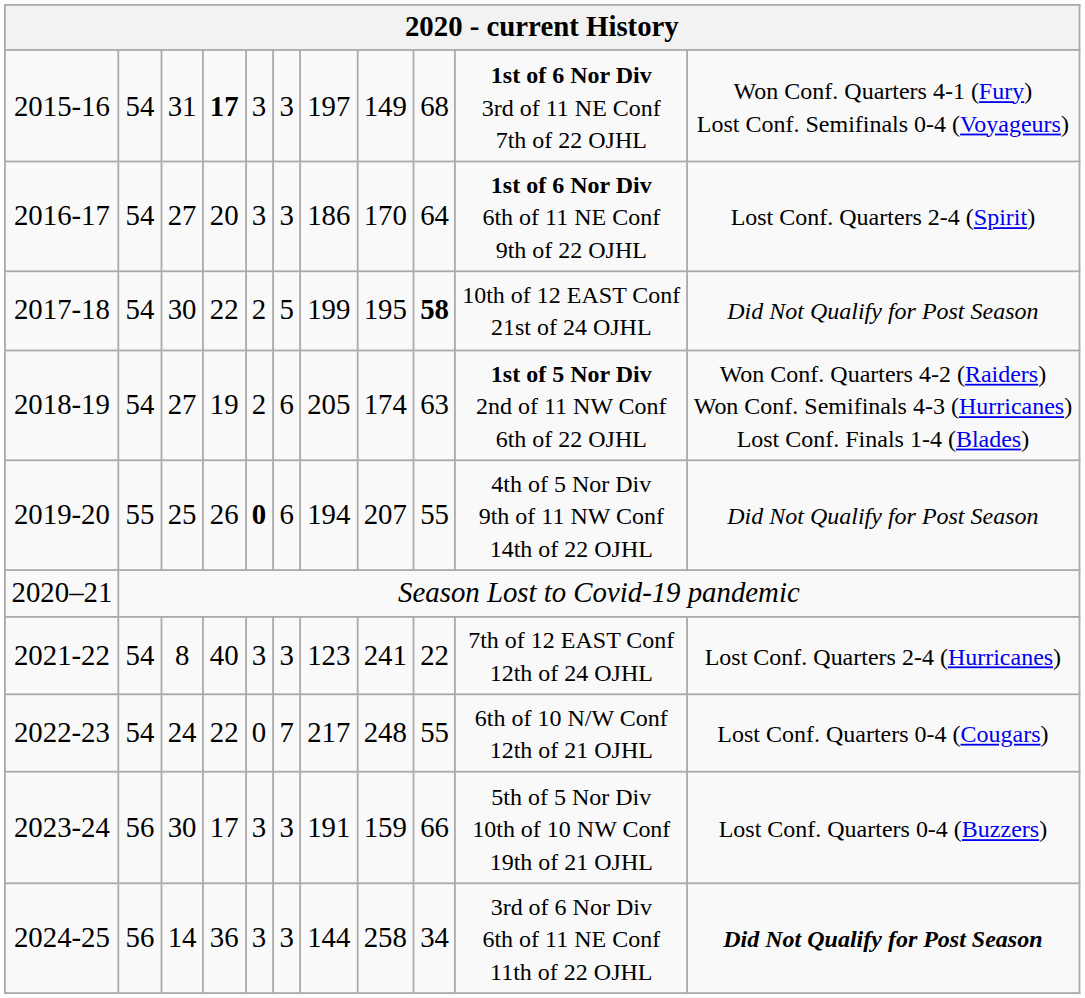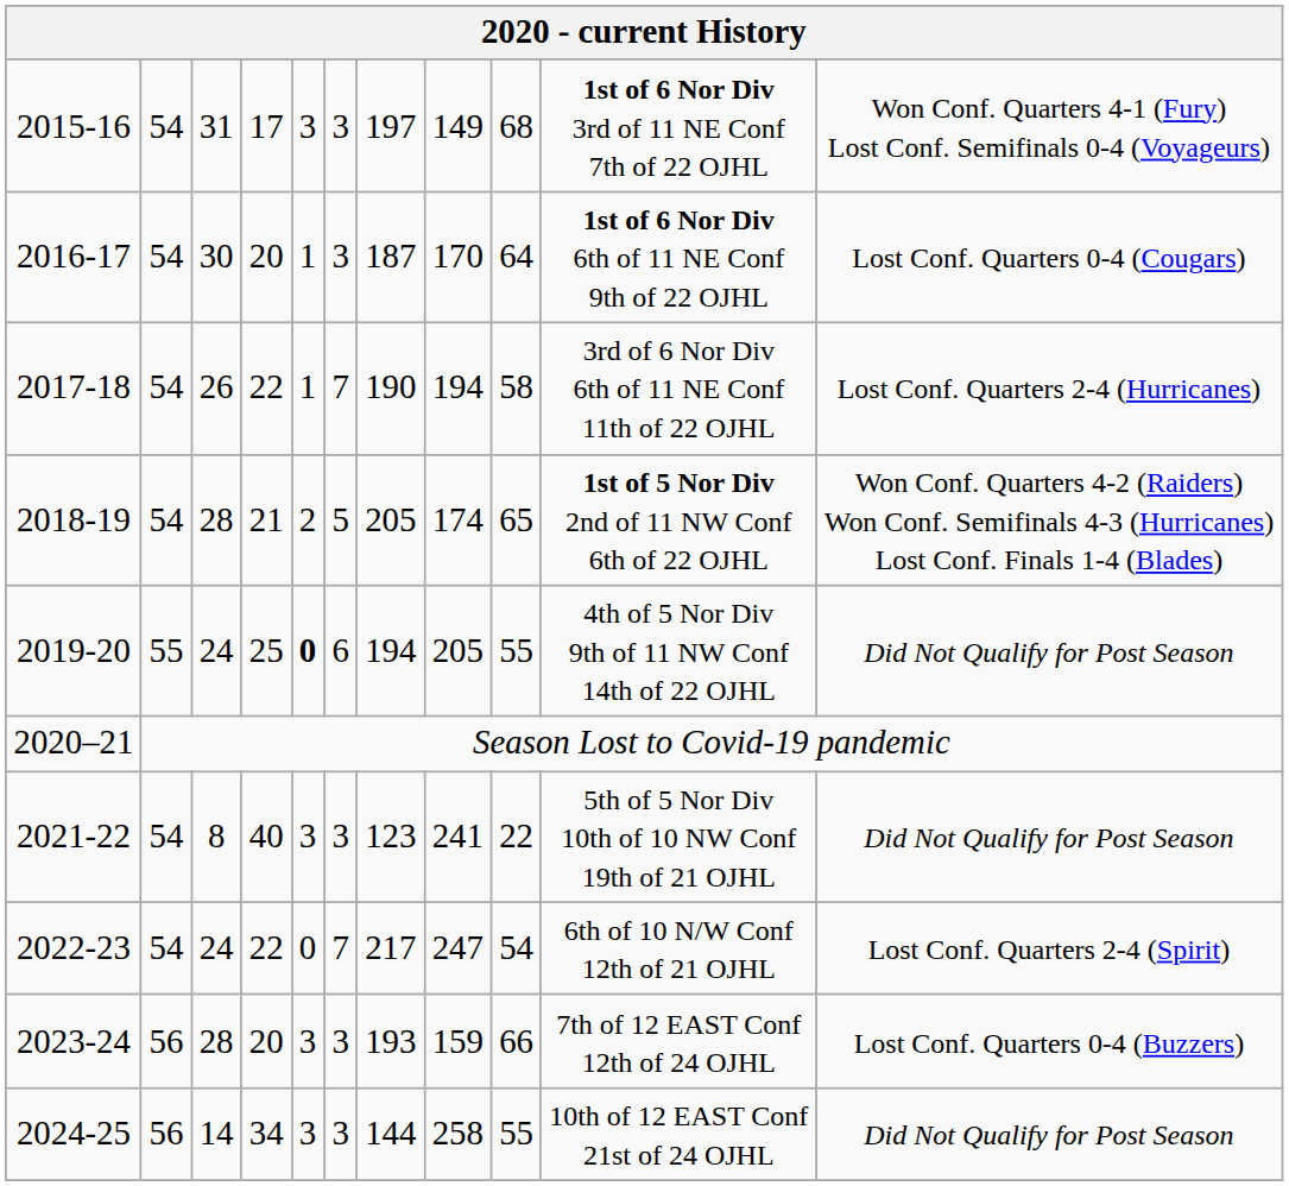 <table class="wikitable " style="text-align:center;">
 <tr>
 <th colspan=12 bgcolor="#822433" text_color=white><strong>2020 - current History</strong></th>
 </tr>
 <tr align="center">
 <td>2015-16</td>
 <td>54</td>
 <td>31</td>
-<td><strong>17</strong></td>
+<td>17</td>
 <td>3</td>
 <td>3</td>
 <td>197</td>
 <td>149</td>
 <td>68</td>
 <td><small><strong>1st of 6 Nor Div</strong><br>3rd of 11 NE Conf<br>7th of 22 OJHL</small></td>
 <td><small>Won Conf. Quarters 4-1 (<a href='#'>Fury</a>)<br>Lost Conf. Semifinals 0-4 (<a href='#'>Voyageurs</a>)</small></td>
 </tr>
 <tr align="center">
 <td>2016-17</td>
 <td>54</td>
-<td>27</td>
+<td>30</td>
 <td>20</td>
+<td>1</td>
 <td>3</td>
-<td>3</td>
-<td>186</td>
+<td>187</td>
 <td>170</td>
 <td>64</td>
 <td><small><strong>1st of 6 Nor Div</strong><br>6th of 11 NE Conf<br>9th of 22 OJHL</small></td>
-<td><small>Lost Conf. Quarters 2-4 (<a href='#'>Spirit</a>)</small></td>
+<td><small>Lost Conf. Quarters 0-4 (<a href='#'>Cougars</a>)</small></td>
 </tr>
 <tr align="center">
 <td>2017-18</td>
 <td>54</td>
-<td>30</td>
+<td>26</td>
 <td>22</td>
-<td>2</td>
-<td>5</td>
-<td>199</td>
-<td>195</td>
-<td><strong>58</strong></td>
-<td><small>10th of 12 EAST Conf<br>21st of 24 OJHL</small></td>
-<td><small><em>Did Not Qualify for Post Season</em></small></td>
+<td>1</td>
+<td>7</td>
+<td>190</td>
+<td>194</td>
+<td>58</td>
+<td><small>3rd of 6 Nor Div<br>6th of 11 NE Conf<br>11th of 22 OJHL</small></td>
+<td><small>Lost Conf. Quarters 2-4 (<a href='#'>Hurricanes</a>)</small></td>
 </tr>
 <tr align="center">
 <td>2018-19</td>
 <td>54</td>
-<td>27</td>
-<td>19</td>
+<td>28</td>
+<td>21</td>
 <td>2</td>
-<td>6</td>
+<td>5</td>
 <td>205</td>
 <td>174</td>
-<td>63</td>
+<td>65</td>
 <td><small><strong>1st of 5 Nor Div</strong><br>2nd of 11 NW Conf<br>6th of 22 OJHL</small></td>
 <td><small>Won Conf. Quarters 4-2 (<a href='#'>Raiders</a>)<br>Won Conf. Semifinals 4-3 (<a href='#'>Hurricanes</a>)<br>Lost Conf. Finals 1-4 (<a href='#'>Blades</a>)</small></td>
 </tr>
 <tr align="center">
 <td>2019-20</td>
 <td>55</td>
+<td>24</td>
 <td>25</td>
-<td>26</td>
 <td><strong>0</strong></td>
 <td>6</td>
 <td>194</td>
-<td>207</td>
+<td>205</td>
 <td>55</td>
 <td><small>4th of 5 Nor Div<br>9th of 11 NW Conf<br>14th of 22 OJHL</small></td>
 <td><small><em>Did Not Qualify for Post Season</em></small></td>
 </tr>
 <tr align="center">
 <td>2020–21</td>
 <td colspan=10><em>Season Lost to Covid-19 pandemic</em></td>
 </tr>
 <tr align="center">
 <td>2021-22</td>
 <td>54</td>
 <td>8</td>
 <td>40</td>
 <td>3</td>
 <td>3</td>
 <td>123</td>
 <td>241</td>
 <td>22</td>
-<td><small>7th of 12 EAST Conf<br>12th of 24 OJHL</small></td>
-<td><small>Lost Conf. Quarters 2-4 (<a href='#'>Hurricanes</a>)</small></td>
+<td><small>5th of 5 Nor Div<br>10th of 10 NW Conf<br>19th of 21 OJHL</small></td>
+<td><small><em>Did Not Qualify for Post Season</em></small></td>
 </tr>
 <tr align="center">
 <td>2022-23</td>
 <td>54</td>
 <td>24</td>
 <td>22</td>
 <td>0</td>
 <td>7</td>
 <td>217</td>
-<td>248</td>
-<td>55</td>
+<td>247</td>
+<td>54</td>
 <td><small>6th of 10 N/W Conf<br>12th of 21 OJHL</small></td>
-<td><small>Lost Conf. Quarters 0-4 (<a href='#'>Cougars</a>)</small></td>
+<td><small>Lost Conf. Quarters 2-4 (<a href='#'>Spirit</a>)</small></td>
 </tr>
 <tr align="center">
 <td>2023-24</td>
 <td>56</td>
-<td>30</td>
-<td>17</td>
+<td>28</td>
+<td>20</td>
 <td>3</td>
 <td>3</td>
-<td>191</td>
+<td>193</td>
 <td>159</td>
 <td>66</td>
-<td><small>5th of 5 Nor Div<br>10th of 10 NW Conf<br>19th of 21 OJHL</small></td>
+<td><small>7th of 12 EAST Conf<br>12th of 24 OJHL</small></td>
 <td><small>Lost Conf. Quarters 0-4 (<a href='#'>Buzzers</a>)</small></td>
 </tr>
 <tr align="center">
 <td>2024-25</td>
 <td>56</td>
 <td>14</td>
-<td>36</td>
+<td>34</td>
 <td>3</td>
 <td>3</td>
 <td>144</td>
 <td>258</td>
-<td>34</td>
-<td><small>3rd of 6 Nor Div<br>6th of 11 NE Conf<br>11th of 22 OJHL</small></td>
-<td><strong><small><em>Did Not Qualify for Post Season</em></small></strong></td>
+<td>55</td>
+<td><small>10th of 12 EAST Conf<br>21st of 24 OJHL</small></td>
+<td><small><em>Did Not Qualify for Post Season</em></small></td>
 </tr>
 </table>
